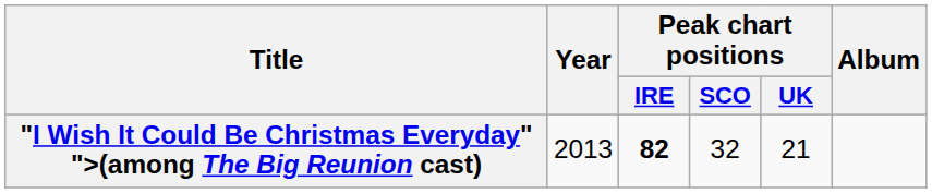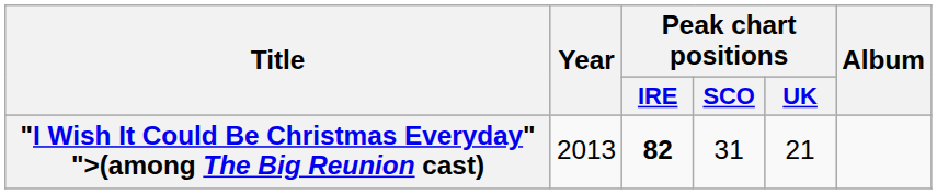 <table class="wikitable plainrowheaders" style="text-align:center;" border="1">
 <tr>
 <th scope="col" rowspan="2" style="width:20em;">Title</th>
 <th scope="col" rowspan="2">Year</th>
 <th scope="col" colspan="3">Peak chart<br>positions</th>
 <th scope="col" rowspan="2">Album</th>
 </tr>
 <tr>
 <th scope="col" style="width:2.5em;font-size:90%;"><a href='#'>IRE</a><br></th>
 <th scope="col" style="width:2.5em;font-size:90%;"><a href='#'>SCO</a><br></th>
 <th scope="col" style="width:2.5em;font-size:90%;"><a href='#'>UK</a><br></th>
 </tr>
 <tr>
 <th scope="row">"<a href='#'>I Wish It Could Be Christmas Everyday</a>"<br><span>">(among <em><a href='#'>The Big Reunion</a></em> cast)</span></th>
 <td>2013</td>
 <td><strong>82</strong></td>
-<td>32</td>
+<td>31</td>
 <td>21</td>
 <td></td>
 </tr>
 </table>
